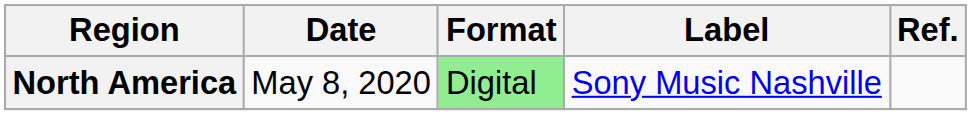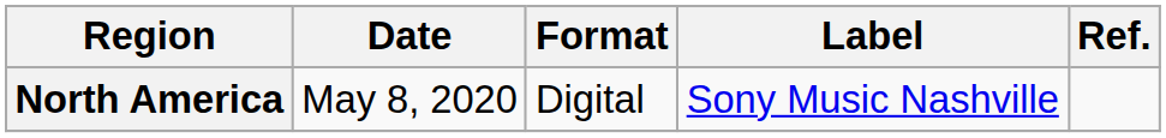 <table class="wikitable plainrowheaders">
 <tr>
 <th scope="col">Region</th>
 <th scope="col">Date</th>
 <th scope="col">Format</th>
 <th scope="col">Label</th>
 <th scope="col">Ref.</th>
 </tr>
 <tr>
 <th scope="row">North America</th>
 <td>May 8, 2020</td>
-<td style="background: lightgreen;">Digital</td>
+<td>Digital</td>
 <td><a href='#'>Sony Music Nashville</a></td>
 <td></td>
 </tr>
 <tr>
 </tr>
 </table>
